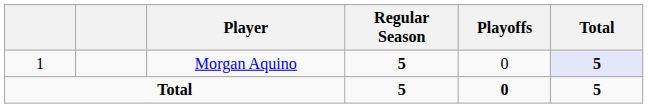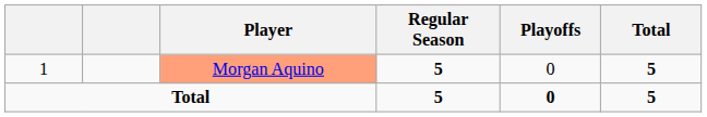 <table class="wikitable" style="font-size: 95%; text-align: center;">
 <tr>
 <th width=60></th>
 <th width=60></th>
 <th width=180>Player</th>
 <th width=100>Regular Season</th>
 <th width="80">Playoffs</th>
 <th width=80>Total</th>
 </tr>
 <tr>
 <td rowspan="1">1</td>
 <td></td>
-<td><a href='#'>Morgan Aquino</a></td>
+<td style="background: lightsalmon;"><a href='#'>Morgan Aquino</a></td>
 <td><strong>5</strong></td>
 <td>0</td>
-<td style="background: lavender;"><strong>5</strong></td>
+<td><strong>5</strong></td>
 </tr>
 <tr>
 <td colspan="3"><strong>Total</strong></td>
 <td><strong>5</strong></td>
 <td><strong>0</strong></td>
 <td><strong>5</strong></td>
 </tr>
 </table>
